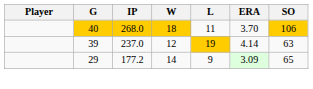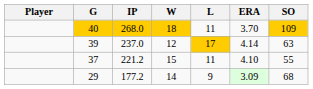 <table class="wikitable sortable">
 <tr>
 <th bgcolor="#DDDDFF" width="16%">Player</th>
 <th bgcolor="#DDDDFF" width="9%">G</th>
 <th bgcolor="#DDDDFF" width="9%">IP</th>
 <th bgcolor="#DDDDFF" width="9%">W</th>
 <th bgcolor="#DDDDFF" width="9%">L</th>
 <th bgcolor="#DDDDFF" width="9%">ERA</th>
 <th bgcolor="#DDDDFF" width="9%">SO</th>
 </tr>
 <tr align="center">
 <td></td>
 <td style="background:#fc0;">40</td>
 <td style="background:#fc0;">268.0</td>
 <td style="background:#fc0;">18</td>
 <td>11</td>
 <td>3.70</td>
-<td style="background:#fc0;">106</td>
+<td style="background:#fc0;">109</td>
 </tr>
 <tr align="center">
 <td></td>
 <td>39</td>
 <td>237.0</td>
 <td>12</td>
-<td style="background:#fc0;">19</td>
+<td style="background:#fc0;">17</td>
 <td>4.14</td>
 <td>63</td>
+</tr>
+<tr align="center">
+<td></td>
+<td>37</td>
+<td>221.2</td>
+<td>15</td>
+<td>11</td>
+<td>4.10</td>
+<td>55</td>
 </tr>
 <tr align="center">
 <td></td>
 <td>29</td>
 <td>177.2</td>
 <td>14</td>
 <td>9</td>
 <td style="background:#DDFFDD;">3.09</td>
-<td>65</td>
+<td>68</td>
 </tr>
 </table>
